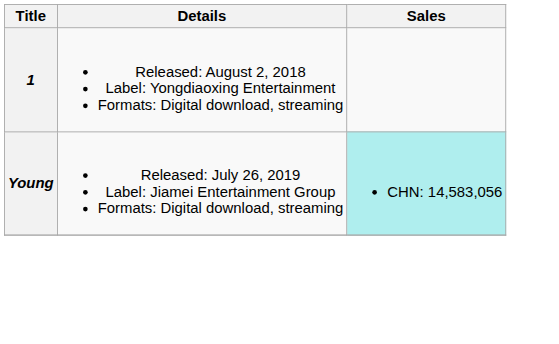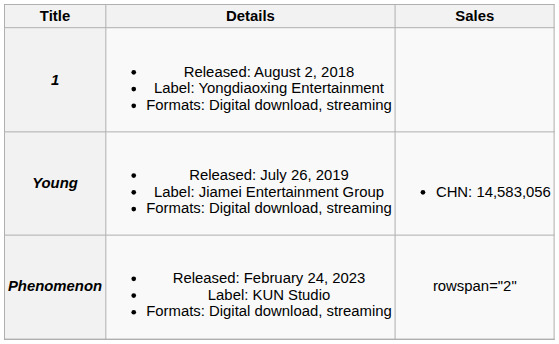 <table class="wikitable plainrowheaders" style="text-align:center;">
 <tr>
 <th rowspan="1" scope="col">Title</th>
 <th rowspan="1" scope="col">Details</th>
 <th rowspan="1" scope="col">Sales</th>
 </tr>
 <tr>
 <th scope="row"><em>1</em></th>
 <td><br><ul><li>Released: August 2, 2018</li><li>Label: Yongdiaoxing Entertainment</li><li>Formats: Digital download, streaming</li></ul></td>
 <td></td>
 </tr>
 <tr>
 <th scope="row"><em>Young</em></th>
 <td><br><ul><li>Released: July 26, 2019</li><li>Label: Jiamei Entertainment Group</li><li>Formats: Digital download, streaming</li></ul></td>
-<td style="background: paleturquoise;"><br><ul><li>CHN: 14,583,056 </li></ul></td>
+<td><br><ul><li>CHN: 14,583,056 </li></ul></td>
+</tr>
+<tr>
+<th scope="row"><em>Phenomenon</em></th>
+<td><br><ul><li>Released: February 24, 2023</li><li>Label: KUN Studio</li><li>Formats: Digital download, streaming</li></ul></td>
+<td>rowspan="2" </td>
 </tr>
 <tr>
 </tr>
 </table>
